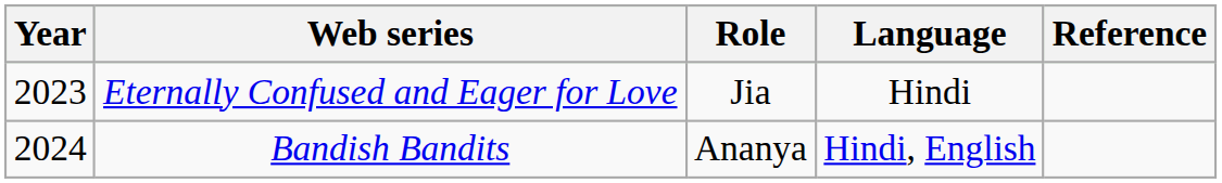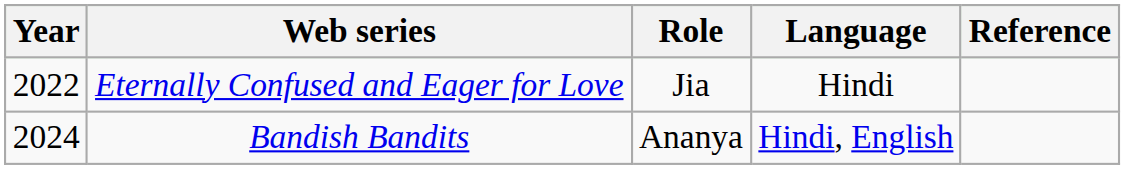 <table class="wikitable" style="text-align:center;">
 <tr style="background:#cfc;">
 <th>Year</th>
 <th>Web series</th>
 <th>Role</th>
 <th>Language</th>
 <th>Reference</th>
 </tr>
 <tr>
-<td>2023</td>
+<td>2022</td>
 <td><em><a href='#'>Eternally Confused and Eager for Love</a></em></td>
 <td>Jia</td>
 <td>Hindi</td>
 <td></td>
 </tr>
 <tr>
 <td>2024</td>
 <td><em><a href='#'>Bandish Bandits</a></em></td>
 <td>Ananya</td>
 <td><a href='#'>Hindi</a>, <a href='#'>English</a></td>
 <td></td>
 </tr>
 </table>
